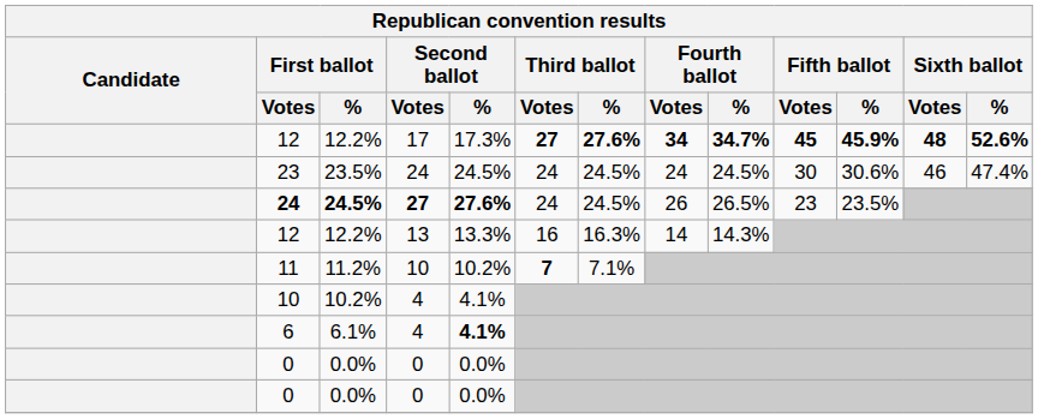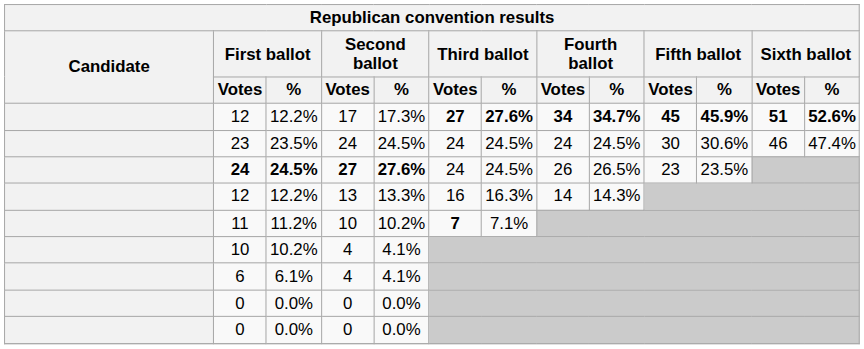 <table class="wikitable sortable plainrowheaders">
 <tr>
 <th colspan="13" >Republican convention results</th>
 </tr>
 <tr style="background:#eee; text-align:center;">
 <th scope="col" style="width: 12em" rowspan=2>Candidate</th>
 <th scope="col" style="width: 5em" colspan=2>First ballot</th>
 <th scope="col" style="width: 5em" colspan=2>Second ballot</th>
 <th scope="col" style="width: 5em" colspan=2>Third ballot</th>
 <th scope="col" style="width: 5em" colspan=2>Fourth ballot</th>
 <th scope="col" style="width: 5em" colspan=2>Fifth ballot</th>
 <th scope="col" style="width: 5em" colspan=2>Sixth ballot</th>
 </tr>
 <tr>
 <th>Votes</th>
 <th>%</th>
 <th>Votes</th>
 <th>%</th>
 <th>Votes</th>
 <th>%</th>
 <th>Votes</th>
 <th>%</th>
 <th>Votes</th>
 <th>%</th>
 <th>Votes</th>
 <th>%</th>
 </tr>
 <tr>
 <th scope="row"><strong></strong></th>
 <td style="text-align:center;">12</td>
 <td style="text-align:center;">12.2%</td>
 <td style="text-align:center;">17</td>
 <td style="text-align:center;">17.3%</td>
 <td style="text-align:center;"><strong>27</strong></td>
 <td style="text-align:center;"><strong>27.6%</strong></td>
 <td style="text-align:center;"><strong>34</strong></td>
 <td style="text-align:center;"><strong>34.7%</strong></td>
 <td style="text-align:center;"><strong>45</strong></td>
 <td style="text-align:center;"><strong>45.9%</strong></td>
-<td style="text-align:center;"><strong>48</strong></td>
+<td style="text-align:center;"><strong>51</strong></td>
 <td style="text-align:center;"><strong>52.6%</strong></td>
 </tr>
 <tr>
 <th scope="row"></th>
 <td style="text-align:center;">23</td>
 <td style="text-align:center;">23.5%</td>
 <td style="text-align:center;">24</td>
 <td style="text-align:center;">24.5%</td>
 <td style="text-align:center;">24</td>
 <td style="text-align:center;">24.5%</td>
 <td style="text-align:center;">24</td>
 <td style="text-align:center;">24.5%</td>
 <td style="text-align:center;">30</td>
 <td style="text-align:center;">30.6%</td>
 <td style="text-align:center;">46</td>
 <td style="text-align:center;">47.4%</td>
 </tr>
 <tr>
 <th scope="row"></th>
 <td style="text-align:center;"><strong>24</strong></td>
 <td style="text-align:center;"><strong>24.5%</strong></td>
 <td style="text-align:center;"><strong>27</strong></td>
 <td style="text-align:center;"><strong>27.6%</strong></td>
 <td style="text-align:center;">24</td>
 <td style="text-align:center;">24.5%</td>
 <td style="text-align:center;">26</td>
 <td style="text-align:center;">26.5%</td>
 <td style="text-align:center;">23</td>
 <td style="text-align:center;">23.5%</td>
 <td colspan=2 style="text-align:center; background:#cbcbcb"></td>
 </tr>
 <tr>
 <th scope="row"></th>
 <td style="text-align:center;">12</td>
 <td style="text-align:center;">12.2%</td>
 <td style="text-align:center;">13</td>
 <td style="text-align:center;">13.3%</td>
 <td style="text-align:center;">16</td>
 <td style="text-align:center;">16.3%</td>
 <td style="text-align:center;">14</td>
 <td style="text-align:center;">14.3%</td>
 <td colspan=4 style="text-align:center; background:#cbcbcb"></td>
 </tr>
 <tr>
 <th scope="row"></th>
 <td style="text-align:center;">11</td>
 <td style="text-align:center;">11.2%</td>
 <td style="text-align:center;">10</td>
 <td style="text-align:center;">10.2%</td>
 <td style="text-align:center;"><strong>7</strong></td>
 <td style="text-align:center;">7.1%</td>
 <td colspan=6 style="text-align:center; background:#cbcbcb"></td>
 </tr>
 <tr>
 <th scope="row"></th>
 <td style="text-align:center;">10</td>
 <td style="text-align:center;">10.2%</td>
 <td style="text-align:center;">4</td>
 <td style="text-align:center;">4.1%</td>
 <td colspan=8 style="text-align:center; background:#cbcbcb"></td>
 </tr>
 <tr>
 <th scope="row"></th>
 <td style="text-align:center;">6</td>
 <td style="text-align:center;">6.1%</td>
 <td style="text-align:center;">4</td>
-<td style="text-align:center;"><strong>4.1%</strong></td>
+<td style="text-align:center;">4.1%</td>
 <td colspan=8 style="text-align:center; background:#cbcbcb"></td>
 </tr>
 <tr>
 <th scope="row"></th>
 <td style="text-align:center;">0</td>
 <td style="text-align:center;">0.0%</td>
 <td style="text-align:center;">0</td>
 <td style="text-align:center;">0.0%</td>
 <td colspan=8 style="text-align:center; background:#cbcbcb"></td>
 </tr>
 <tr>
 <th scope="row"></th>
 <td style="text-align:center;">0</td>
 <td style="text-align:center;">0.0%</td>
 <td style="text-align:center;">0</td>
 <td style="text-align:center;">0.0%</td>
 <td colspan=8 style="text-align:center; background:#cbcbcb"></td>
 </tr>
 <tr>
 </tr>
 </table>
